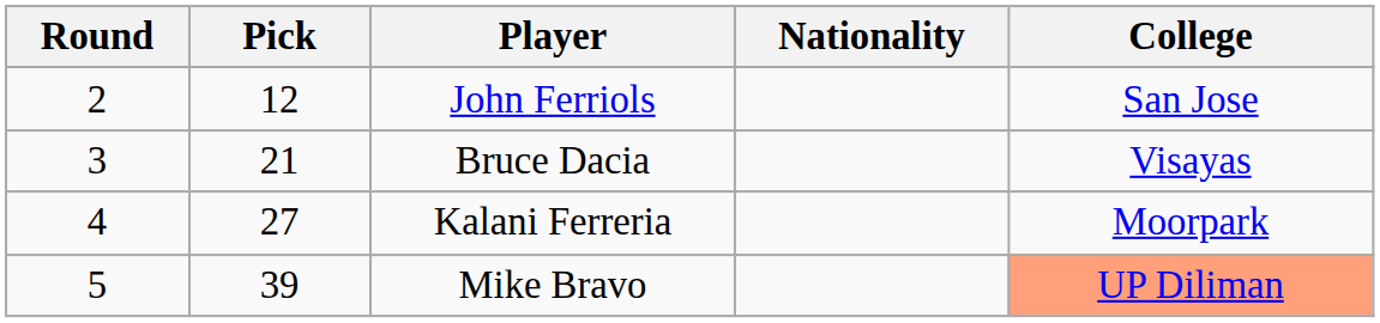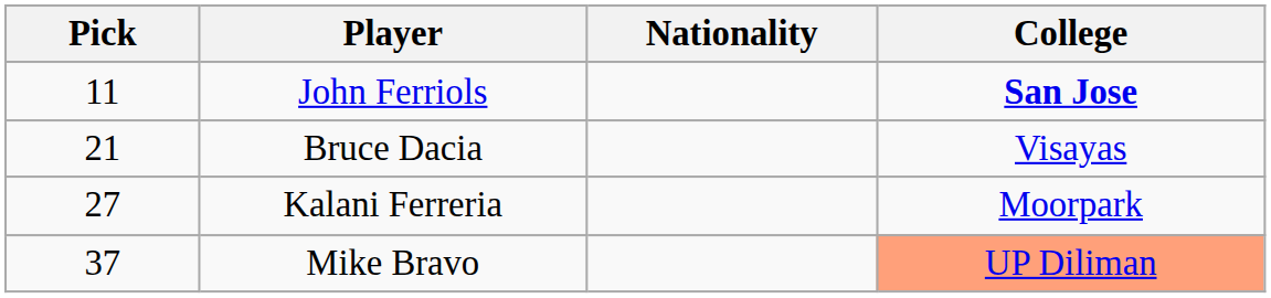 <table class="wikitable sortable sortable">
 <tr>
-<th width="10%">Round</th>
 <th width="10%">Pick</th>
 <th width="20%">Player</th>
 <th width="15%">Nationality</th>
 <th width="20%">College</th>
 </tr>
 <tr style="text-align: center">
-<td>2</td>
-<td>12</td>
+<td>11</td>
 <td><a href='#'>John Ferriols</a></td>
 <td></td>
-<td><a href='#'>San Jose</a></td>
+<td><strong><a href='#'>San Jose</a></strong></td>
 </tr>
 <tr style="text-align: center">
-<td>3</td>
 <td>21</td>
 <td>Bruce Dacia</td>
 <td></td>
 <td><a href='#'>Visayas</a></td>
 </tr>
 <tr style="text-align: center">
-<td>4</td>
 <td>27</td>
 <td>Kalani Ferreria</td>
 <td></td>
 <td><a href='#'>Moorpark</a></td>
 </tr>
 <tr style="text-align: center">
-<td>5</td>
-<td>39</td>
+<td>37</td>
 <td>Mike Bravo</td>
 <td></td>
 <td style="background: lightsalmon;"><a href='#'>UP Diliman</a></td>
 </tr>
 </table>
